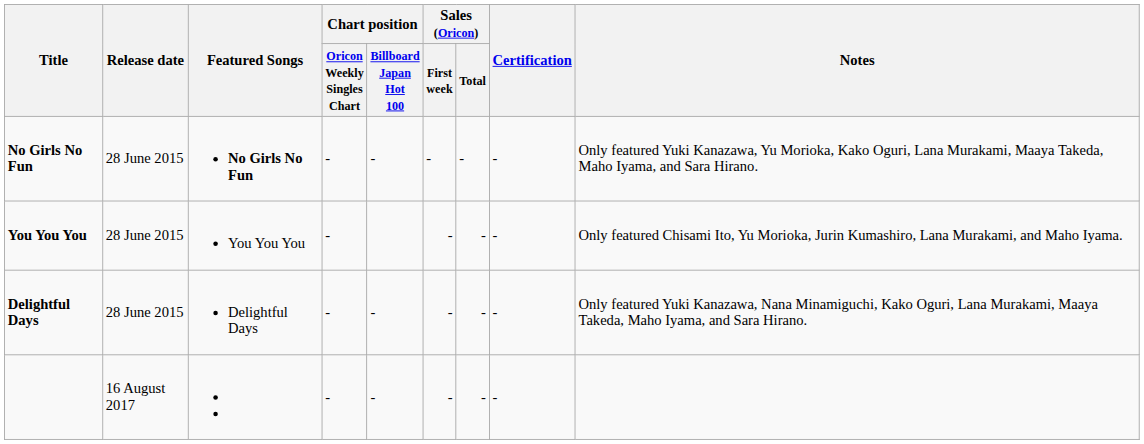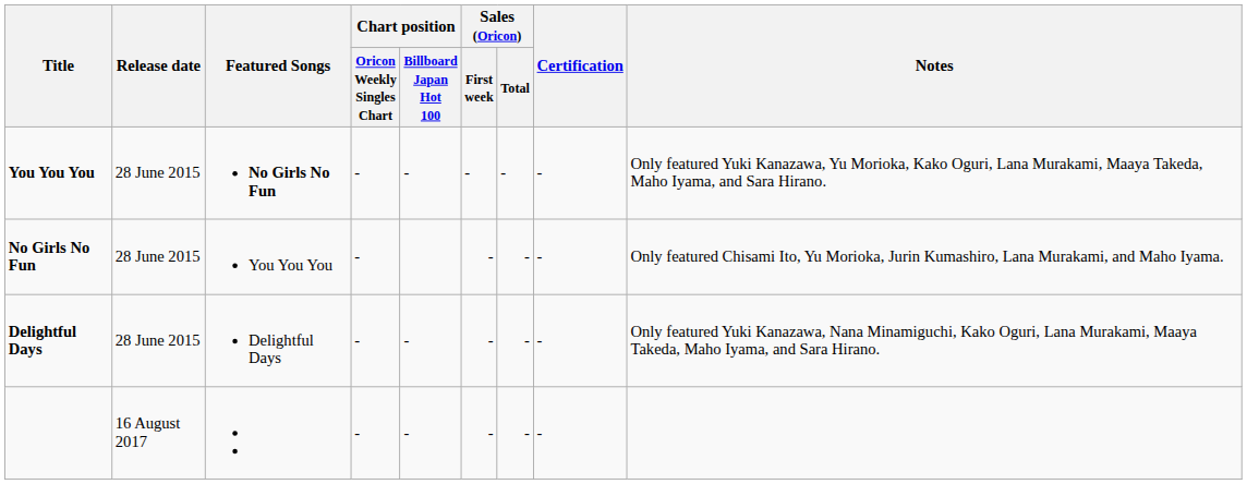 <table class="wikitable">
 <tr>
 <th rowspan="2">Title</th>
 <th rowspan="2">Release date</th>
 <th rowspan="2">Featured Songs</th>
 <th colspan="2">Chart position</th>
 <th colspan="2">Sales<br><small>(<a href='#'>Oricon</a>)</small></th>
 <th rowspan="2"><a href='#'>Certification</a></th>
 <th rowspan="2">Notes</th>
 </tr>
 <tr>
 <th><small><a href='#'>Oricon</a><br>Weekly<br>Singles<br>Chart</small></th>
 <th><small><a href='#'>Billboard<br>Japan</a><br><a href='#'>Hot<br>100</a></small></th>
 <th><small>First<br>week</small></th>
 <th><small>Total</small></th>
 </tr>
 <tr>
-<td><strong>No Girls No Fun</strong></td>
+<td style="text-align:left;"><strong>You You You</strong></td>
 <td>28 June 2015</td>
 <td><strong><br><ul><li>No Girls No Fun</li></ul></strong></td>
 <td>-</td>
 <td>-</td>
 <td>-</td>
 <td>-</td>
 <td>-</td>
 <td>Only featured Yuki Kanazawa, Yu Morioka, Kako Oguri, Lana Murakami, Maaya Takeda, Maho Iyama, and Sara Hirano.</td>
 </tr>
 <tr>
-<td style="text-align:left;"><strong>You You You</strong></td>
+<td><strong>No Girls No Fun</strong></td>
 <td style="text-align:left;">28 June 2015</td>
 <td><br><ul><li>You You You</li></ul></td>
 <td>-</td>
 <td></td>
 <td style="text-align:right;">-</td>
 <td style="text-align:right;">-</td>
 <td>-</td>
 <td>Only featured Chisami Ito, Yu Morioka, Jurin Kumashiro, Lana Murakami, and Maho Iyama.</td>
 </tr>
 <tr>
 <td style="text-align:left;"><strong>Delightful Days</strong></td>
 <td style="text-align:left;">28 June 2015</td>
 <td><br><ul><li>Delightful Days</li></ul></td>
 <td>-</td>
 <td>-</td>
 <td style="text-align:right;">-</td>
 <td style="text-align:right;">-</td>
 <td>-</td>
 <td>Only featured Yuki Kanazawa, Nana Minamiguchi, Kako Oguri, Lana Murakami, Maaya Takeda, Maho Iyama, and Sara Hirano.</td>
 </tr>
 <tr>
 <td style="text-align:left;"><strong></strong></td>
 <td style="text-align:left;">16 August 2017</td>
 <td><br><ul><li></li><li></li></ul></td>
 <td>-</td>
 <td>-</td>
 <td style="text-align:right;">-</td>
 <td style="text-align:right;">-</td>
 <td>-</td>
 <td></td>
 </tr>
 </table>
